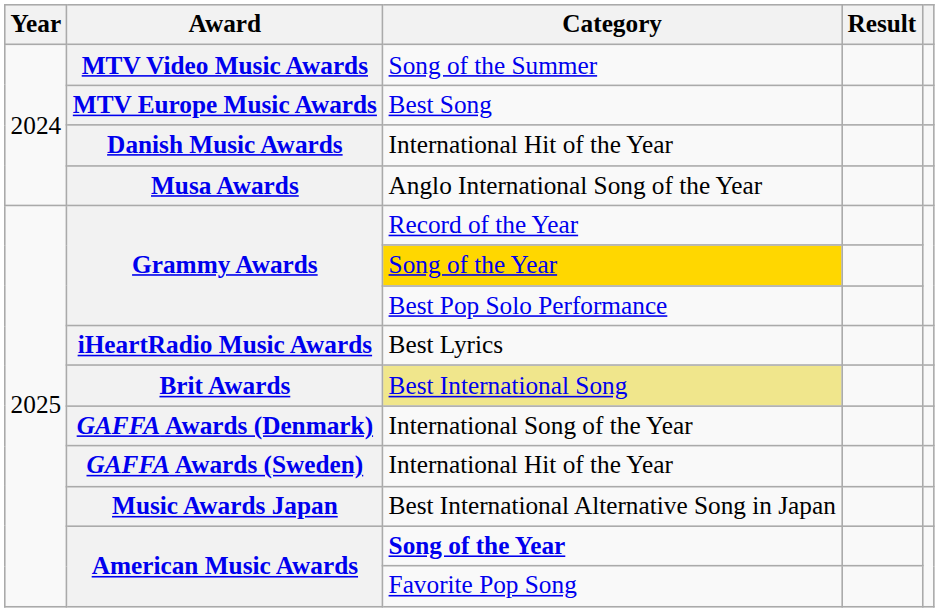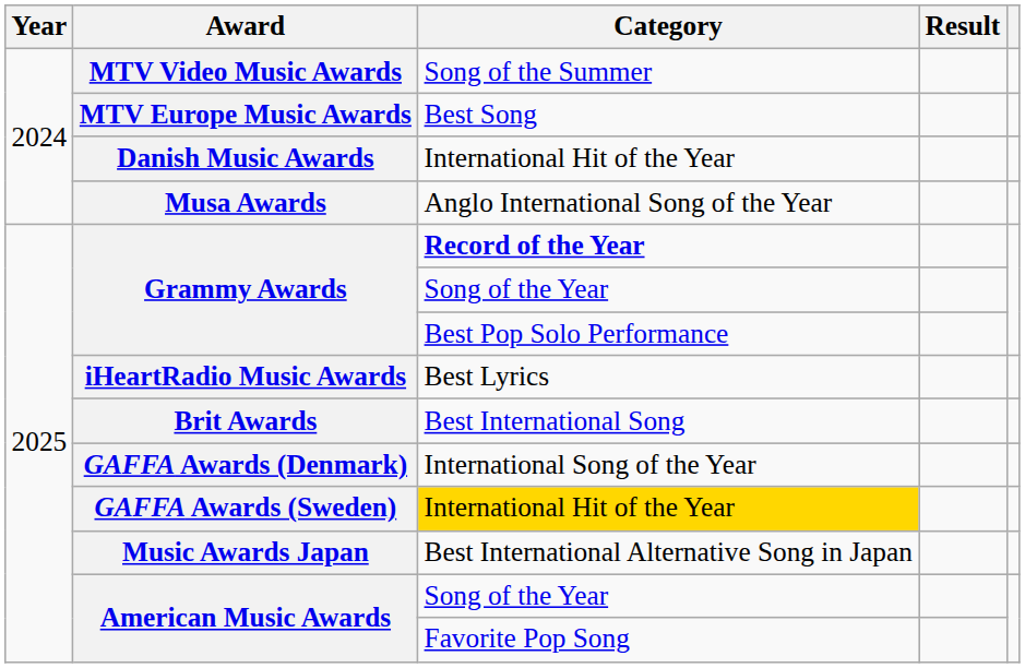 <table class="wikitable sortable plainrowheaders">
 <tr>
 <th scope="col">Year</th>
 <th scope="col">Award</th>
 <th scope="col">Category</th>
 <th scope="col">Result</th>
 <th class="unsortable"></th>
 </tr>
 <tr>
 <td rowspan="4" style="text-align:center">2024</td>
 <th scope="row"><a href='#'>MTV Video Music Awards</a></th>
 <td><a href='#'>Song of the Summer</a></td>
 <td></td>
 <td style="text-align:center"></td>
 </tr>
 <tr>
 <th scope="row"><a href='#'>MTV Europe Music Awards</a></th>
 <td><a href='#'>Best Song</a></td>
 <td></td>
 <td style="text-align:center"></td>
 </tr>
 <tr>
 <th scope="row"><a href='#'>Danish Music Awards</a></th>
 <td>International Hit of the Year</td>
 <td></td>
 <td style="text-align:center;"></td>
 </tr>
 <tr>
 <th scope="row"><a href='#'>Musa Awards</a></th>
 <td>Anglo International Song of the Year</td>
 <td></td>
 <td style="text-align:center"></td>
 </tr>
 <tr>
 <td rowspan="10" style="text-align:center">2025</td>
 <th rowspan="3" scope="row"><a href='#'>Grammy Awards</a></th>
-<td><a href='#'>Record of the Year</a></td>
+<td><strong><a href='#'>Record of the Year</a></strong></td>
 <td></td>
 <td rowspan="3" style="text-align:center"></td>
 </tr>
 <tr>
-<td style="background: gold;"><a href='#'>Song of the Year</a></td>
+<td><a href='#'>Song of the Year</a></td>
 <td></td>
 </tr>
 <tr>
 <td><a href='#'>Best Pop Solo Performance</a></td>
 <td></td>
 </tr>
 <tr>
 <th scope="row"><a href='#'>iHeartRadio Music Awards</a></th>
 <td>Best Lyrics</td>
 <td></td>
 <td style="text-align:center;"></td>
 </tr>
 <tr>
 <th scope="row"><a href='#'>Brit Awards</a></th>
-<td style="background: khaki;"><a href='#'>Best International Song</a></td>
+<td><a href='#'>Best International Song</a></td>
 <td></td>
 <td style="text-align:center;"></td>
 </tr>
 <tr>
 <th scope="row"><a href='#'><em>GAFFA</em> Awards (Denmark)</a></th>
 <td>International Song of the Year</td>
 <td></td>
 <td style="text-align:center"></td>
 </tr>
 <tr>
 <th scope="row"><a href='#'><em>GAFFA</em> Awards (Sweden)</a></th>
-<td>International Hit of the Year</td>
+<td style="background: gold;">International Hit of the Year</td>
 <td></td>
 <td style="text-align:center;"></td>
 </tr>
 <tr>
 <th scope="row"><a href='#'>Music Awards Japan</a></th>
 <td>Best International Alternative Song in Japan</td>
 <td></td>
 <td style="text-align:center"></td>
 </tr>
 <tr>
 <th rowspan="2" scope="row"><a href='#'>American Music Awards</a></th>
-<td><strong><a href='#'>Song of the Year</a></strong></td>
+<td><a href='#'>Song of the Year</a></td>
 <td></td>
 <td rowspan="2" style="text-align:center"></td>
 </tr>
 <tr>
 <td><a href='#'>Favorite Pop Song</a></td>
 <td></td>
 </tr>
 </table>
